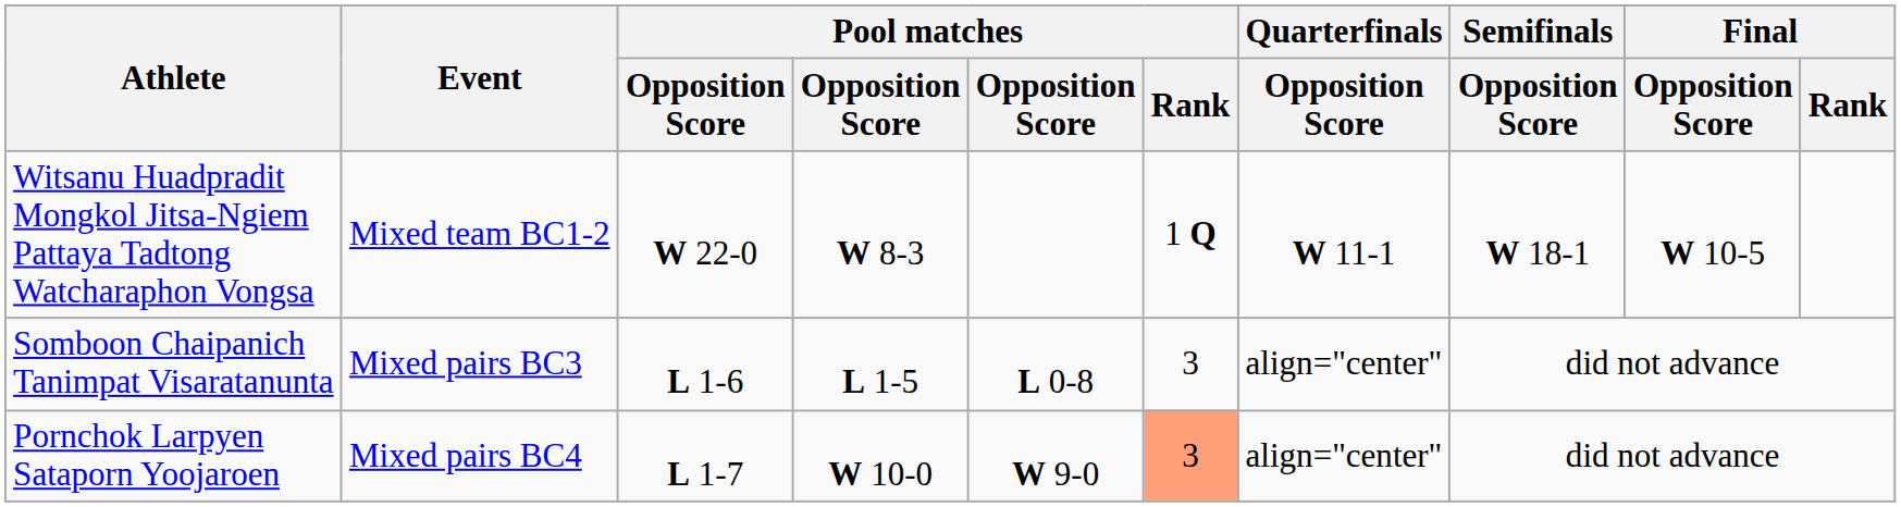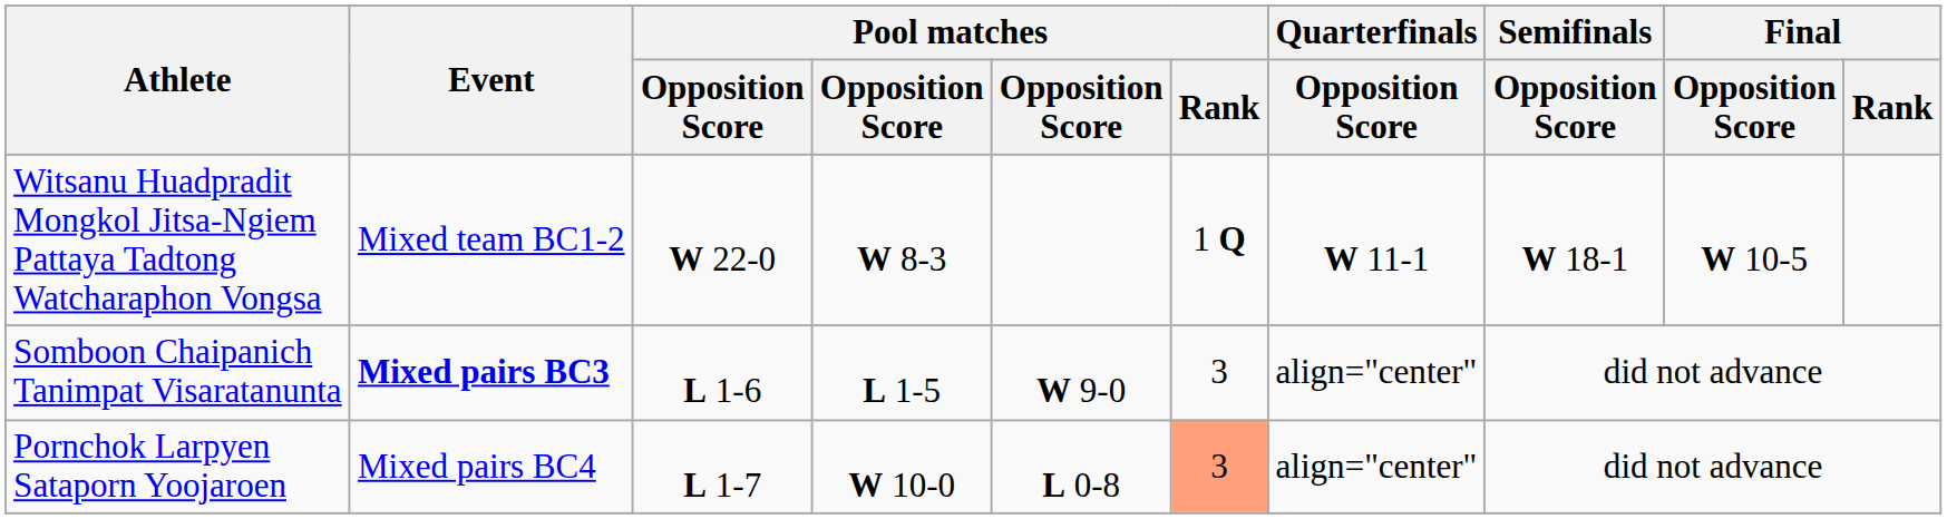 <table class=wikitable>
 <tr>
 <th rowspan="2">Athlete</th>
 <th rowspan="2">Event</th>
 <th colspan="4">Pool matches</th>
 <th>Quarterfinals</th>
 <th>Semifinals</th>
 <th colspan=2>Final</th>
 </tr>
 <tr>
 <th>Opposition<br>Score</th>
 <th>Opposition<br>Score</th>
 <th>Opposition<br>Score</th>
 <th>Rank</th>
 <th>Opposition<br>Score</th>
 <th>Opposition<br>Score</th>
 <th>Opposition<br>Score</th>
 <th>Rank</th>
 </tr>
 <tr>
 <td><a href='#'>Witsanu Huadpradit</a><br><a href='#'>Mongkol Jitsa-Ngiem</a><br><a href='#'>Pattaya Tadtong</a><br><a href='#'>Watcharaphon Vongsa</a></td>
 <td><a href='#'>Mixed team BC1-2</a></td>
 <td align="center"><br><strong>W</strong> 22-0</td>
 <td align="center"><br><strong>W</strong> 8-3</td>
 <td></td>
 <td align="center">1 <strong>Q</strong></td>
 <td align="center"><br><strong>W</strong> 11-1</td>
 <td align="center"><br><strong>W</strong> 18-1</td>
 <td align="center"><br><strong>W</strong> 10-5</td>
 <td align="center"></td>
 </tr>
 <tr>
 <td><a href='#'>Somboon Chaipanich</a><br><a href='#'>Tanimpat Visaratanunta</a></td>
-<td><a href='#'>Mixed pairs BC3</a></td>
+<td><strong><a href='#'>Mixed pairs BC3</a></strong></td>
 <td align="center"><br><strong>L</strong> 1-6</td>
 <td align="center"><br><strong>L</strong> 1-5</td>
-<td align="center"><br><strong>L</strong> 0-8</td>
+<td align="center"><br><strong>W</strong> 9-0</td>
 <td align="center">3</td>
 <td>align="center" </td>
 <td align="center" colspan=3>did not advance</td>
 </tr>
 <tr>
 <td><a href='#'>Pornchok Larpyen</a><br><a href='#'>Sataporn Yoojaroen</a></td>
 <td><a href='#'>Mixed pairs BC4</a></td>
 <td align="center"><br><strong>L</strong> 1-7</td>
 <td align="center"><br><strong>W</strong> 10-0</td>
-<td align="center"><br><strong>W</strong> 9-0</td>
+<td align="center"><br><strong>L</strong> 0-8</td>
 <td align="center" style="background: lightsalmon;">3</td>
 <td>align="center" </td>
 <td align="center" colspan=3>did not advance</td>
 </tr>
 </table>
